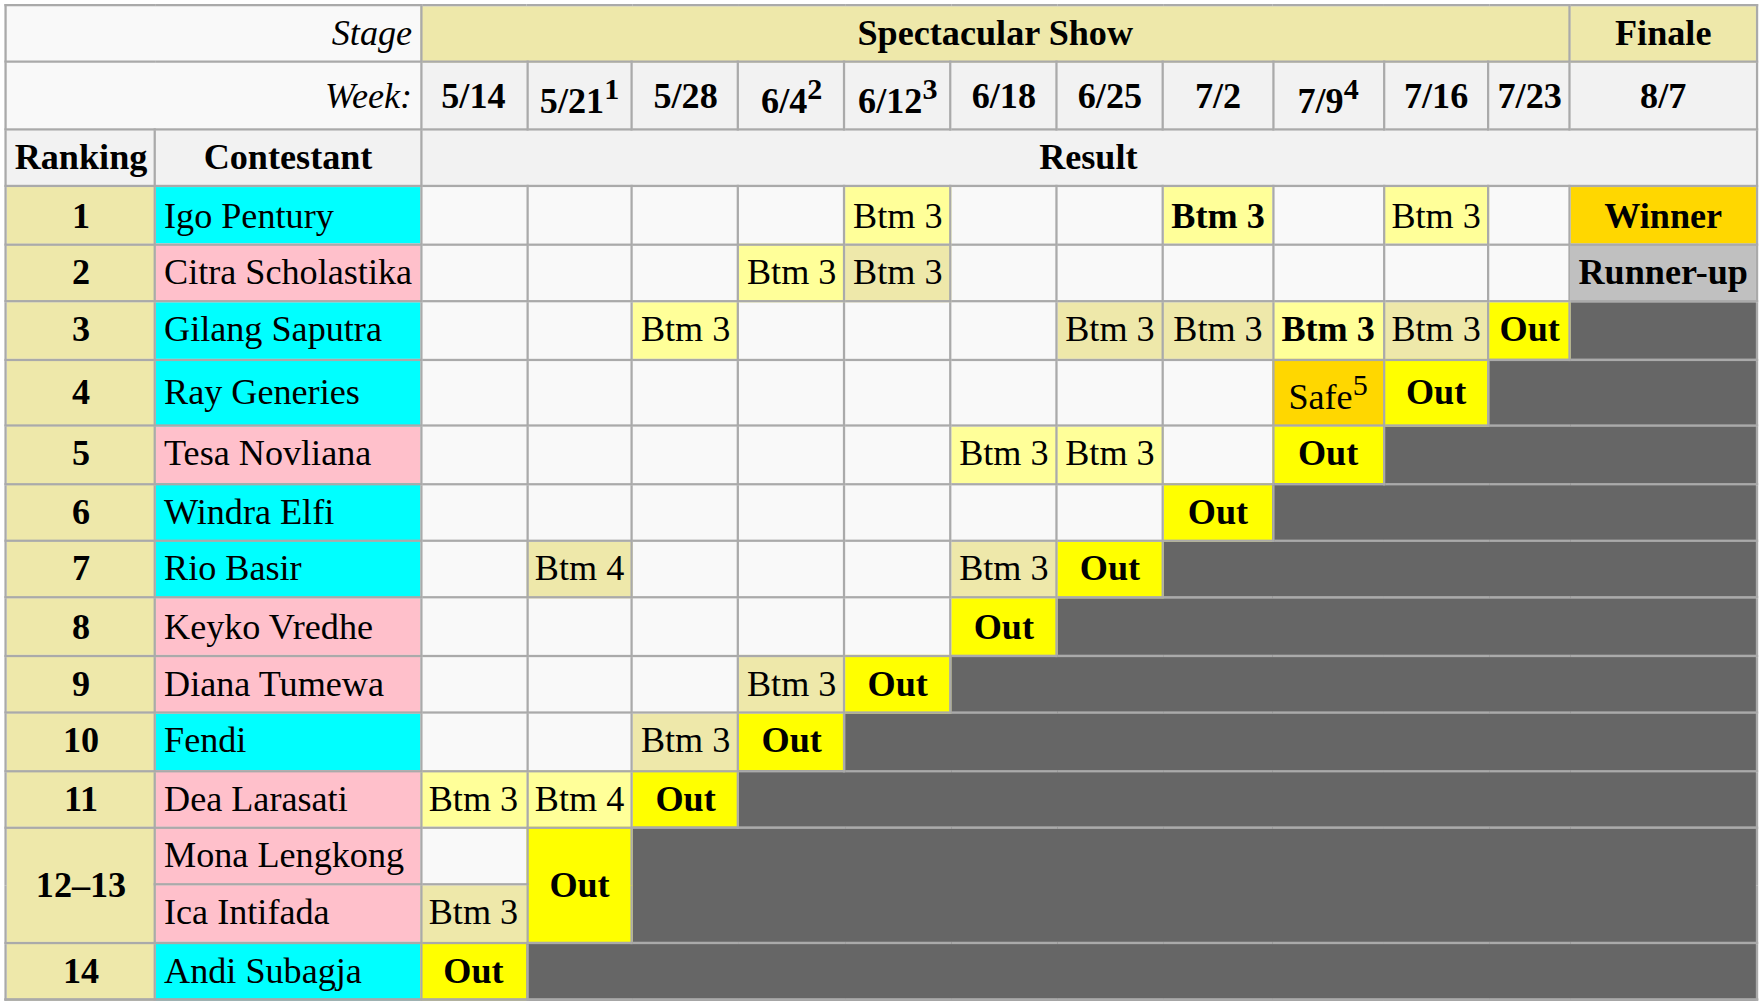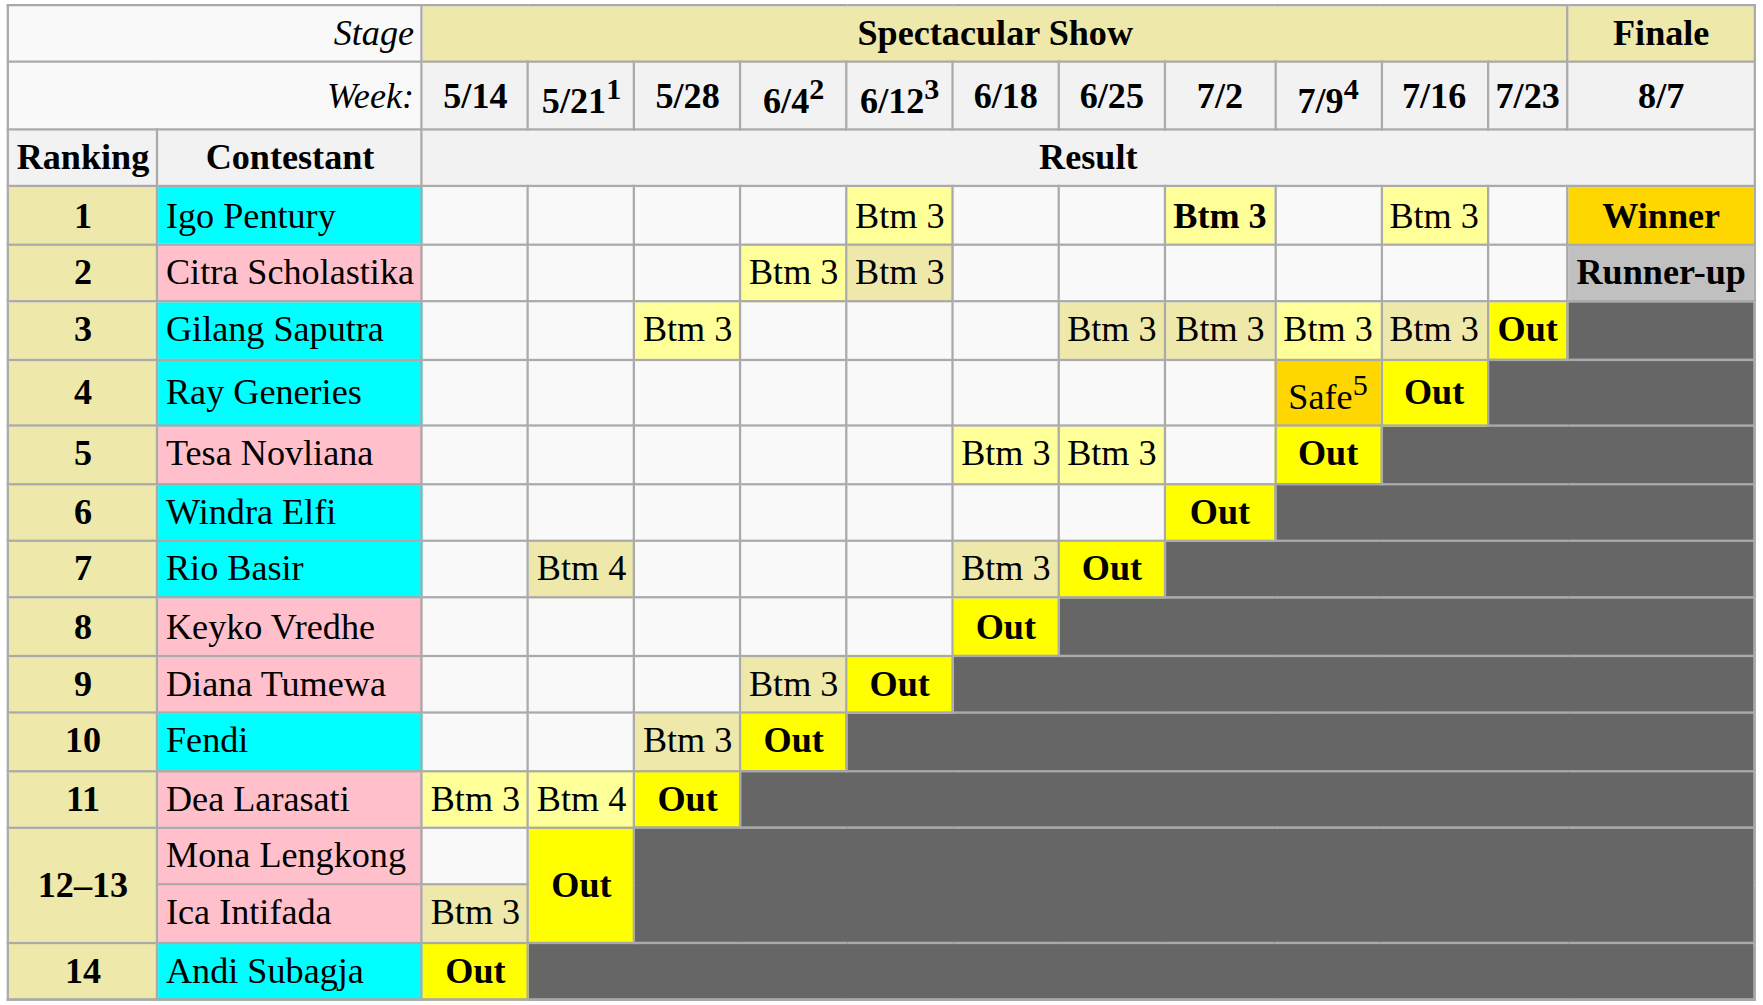 <table class="wikitable" style="margin: 1em auto;">
 <tr>
 <td colspan="2" align="right"><em>Stage</em></td>
 <td colspan="11" bgcolor="palegoldenrod" align="Center"><strong>Spectacular Show</strong></td>
 <td colspan="1" bgcolor="palegoldenrod" align="Center"><strong>Finale</strong></td>
 </tr>
 <tr>
 <td colspan="2" align="right"><em>Week:</em></td>
 <th>5/14</th>
 <th>5/21<sup>1</sup></th>
 <th>5/28</th>
 <th>6/4<sup>2</sup></th>
 <th>6/12<sup>3</sup></th>
 <th>6/18</th>
 <th>6/25</th>
 <th>7/2</th>
 <th>7/9<sup>4</sup></th>
 <th>7/16</th>
 <th>7/23</th>
 <th>8/7</th>
 </tr>
 <tr>
 <th>Ranking</th>
 <th>Contestant</th>
 <th colspan="15" align="center">Result</th>
 </tr>
 <tr>
 <td align="center" bgcolor="palegoldenrod"><strong>1</strong></td>
 <td bgcolor="cyan">Igo Pentury</td>
 <td></td>
 <td></td>
 <td></td>
 <td></td>
 <td bgcolor="FFFF99" align="center">Btm 3</td>
 <td></td>
 <td></td>
 <td bgcolor="FFFF99" align="center"><strong>Btm 3</strong></td>
 <td></td>
 <td bgcolor="FFFF99" align="center">Btm 3</td>
 <td></td>
 <td align="center" bgcolor="gold"><strong>Winner</strong></td>
 </tr>
 <tr>
 <td align="center" bgcolor="palegoldenrod"><strong>2</strong></td>
 <td bgcolor="pink">Citra Scholastika</td>
 <td></td>
 <td></td>
 <td></td>
 <td bgcolor="FFFF99" align="center">Btm 3</td>
 <td bgcolor="palegoldenrod" align="center">Btm 3</td>
 <td></td>
 <td></td>
 <td></td>
 <td></td>
 <td></td>
 <td></td>
 <td align="center" bgcolor="silver"><strong>Runner-up</strong></td>
 </tr>
 <tr>
 <td align="center" bgcolor="palegoldenrod"><strong>3</strong></td>
 <td bgcolor="cyan">Gilang Saputra</td>
 <td></td>
 <td></td>
 <td bgcolor="FFFF99" align="center">Btm 3</td>
 <td></td>
 <td></td>
 <td></td>
 <td bgcolor="palegoldenrod" align="center">Btm 3</td>
 <td bgcolor="palegoldenrod" align="center">Btm 3</td>
-<td bgcolor="FFFF99" align="center"><strong>Btm 3</strong></td>
+<td bgcolor="FFFF99" align="center">Btm 3</td>
 <td bgcolor="palegoldenrod" align="center">Btm 3</td>
 <td align="center" bgcolor="yellow"><strong>Out</strong></td>
 <td colspan="4" bgcolor="666666"></td>
 </tr>
 <tr>
 <td align="center" bgcolor="palegoldenrod"><strong>4</strong></td>
 <td bgcolor="cyan">Ray Generies</td>
 <td></td>
 <td></td>
 <td></td>
 <td></td>
 <td></td>
 <td></td>
 <td></td>
 <td></td>
 <td bgcolor="gold" align="center">Safe<sup>5</sup></td>
 <td align="center" bgcolor="yellow"><strong>Out</strong></td>
 <td colspan="4" bgcolor="666666"></td>
 </tr>
 <tr>
 <td align="center" bgcolor="palegoldenrod"><strong>5</strong></td>
 <td bgcolor="pink">Tesa Novliana</td>
 <td></td>
 <td></td>
 <td></td>
 <td></td>
 <td></td>
 <td bgcolor="FFFF99" align="center">Btm 3</td>
 <td bgcolor="FFFF99" align="center">Btm 3</td>
 <td></td>
 <td align="center" bgcolor="yellow"><strong>Out</strong></td>
 <td colspan="4" bgcolor="666666"></td>
 </tr>
 <tr>
 <td align="center" bgcolor="palegoldenrod"><strong>6</strong></td>
 <td bgcolor="cyan">Windra Elfi</td>
 <td></td>
 <td></td>
 <td></td>
 <td></td>
 <td></td>
 <td></td>
 <td></td>
 <td align="center" bgcolor="yellow"><strong>Out</strong></td>
 <td colspan="5" bgcolor="666666"></td>
 </tr>
 <tr>
 <td align="center" bgcolor="palegoldenrod"><strong>7</strong></td>
 <td bgcolor="cyan">Rio Basir</td>
 <td></td>
 <td bgcolor="palegoldenrod" align="center">Btm 4</td>
 <td></td>
 <td></td>
 <td></td>
 <td bgcolor="palegoldenrod" align="center">Btm 3</td>
 <td align="center" bgcolor="yellow"><strong>Out</strong></td>
 <td colspan="6" bgcolor="666666"></td>
 </tr>
 <tr>
 <td align="center" bgcolor="palegoldenrod"><strong>8</strong></td>
 <td bgcolor="pink">Keyko Vredhe</td>
 <td></td>
 <td></td>
 <td></td>
 <td></td>
 <td></td>
 <td align="center" bgcolor="yellow"><strong>Out</strong></td>
 <td colspan="6" bgcolor="666666"></td>
 </tr>
 <tr>
 <td align="center" bgcolor="palegoldenrod"><strong>9</strong></td>
 <td bgcolor="pink">Diana Tumewa</td>
 <td></td>
 <td></td>
 <td></td>
 <td bgcolor="palegoldenrod" align="center">Btm 3</td>
 <td align="center" bgcolor="yellow"><strong>Out</strong></td>
 <td colspan="7" bgcolor="666666"></td>
 </tr>
 <tr>
 <td align="center" bgcolor="palegoldenrod"><strong>10</strong></td>
 <td bgcolor="cyan">Fendi</td>
 <td></td>
 <td></td>
 <td bgcolor="palegoldenrod" align="center">Btm 3</td>
 <td align="center" bgcolor="yellow"><strong>Out</strong></td>
 <td colspan="8" bgcolor="666666"></td>
 </tr>
 <tr>
 <td align="center" bgcolor="palegoldenrod"><strong>11</strong></td>
 <td bgcolor="pink">Dea Larasati</td>
 <td bgcolor="FFFF99" align="center">Btm 3</td>
 <td bgcolor="FFFF99" align="center">Btm 4</td>
 <td align="center" bgcolor="yellow"><strong>Out</strong></td>
 <td colspan="9" bgcolor="666666"></td>
 </tr>
 <tr>
 <td align="center" bgcolor="palegoldenrod" rowspan="2"><strong>12–13</strong></td>
 <td bgcolor="pink">Mona Lengkong</td>
 <td></td>
 <td align="center" bgcolor="yellow" rowspan="2"><strong>Out</strong></td>
 <td rowspan="2"  colspan="10" bgcolor="666666"></td>
 </tr>
 <tr>
 <td bgcolor="pink">Ica Intifada</td>
 <td bgcolor="palegoldenrod" align="center">Btm 3</td>
 </tr>
 <tr>
 <td align="center" bgcolor="palegoldenrod"><strong>14</strong></td>
 <td bgcolor="cyan">Andi Subagja</td>
 <td align="center" bgcolor="yellow"><strong>Out</strong></td>
 <td colspan="11" bgcolor="666666"></td>
 </tr>
 <tr>
 </tr>
 </table>
